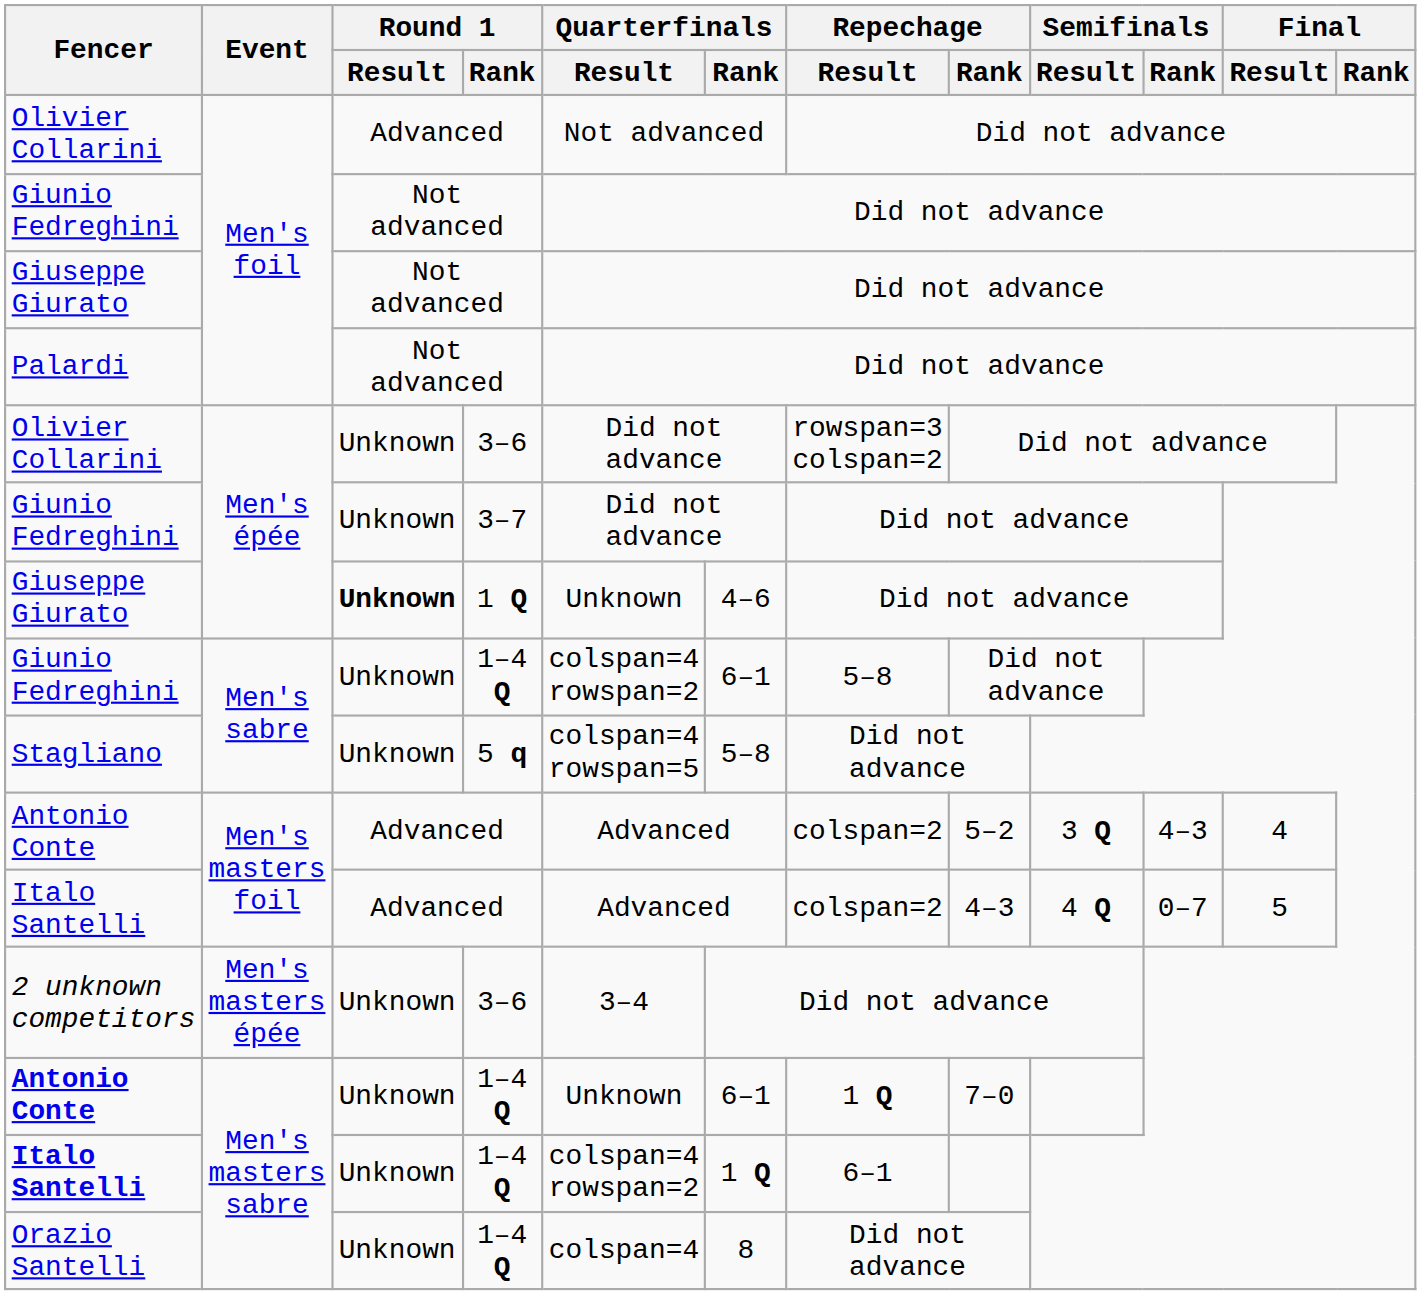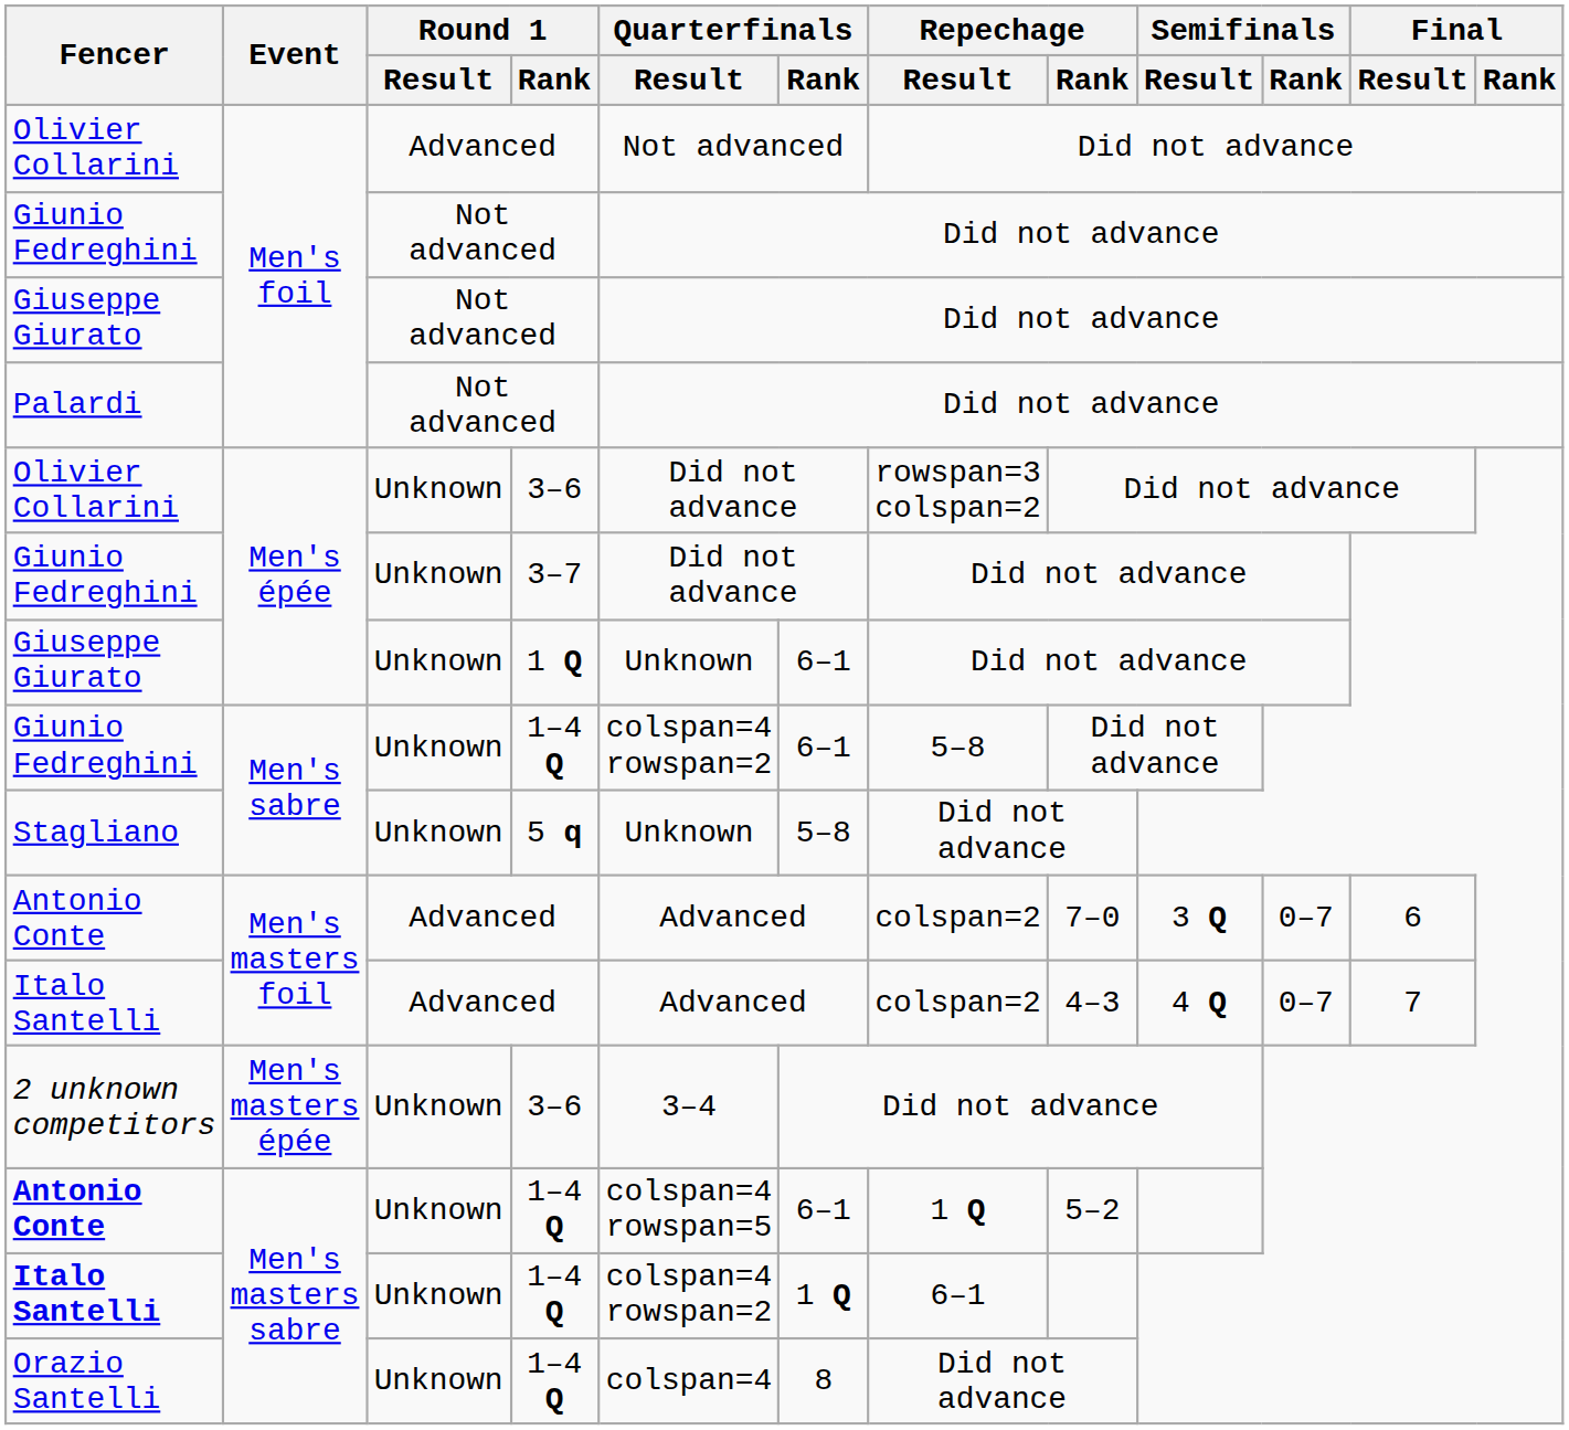 <table class=wikitable>
 <tr>
 <th rowspan=2>Fencer</th>
 <th rowspan=2>Event</th>
 <th colspan=2>Round 1</th>
 <th colspan=2>Quarterfinals</th>
 <th colspan=2>Repechage</th>
 <th colspan=2>Semifinals</th>
 <th colspan=2>Final</th>
 </tr>
 <tr>
 <th>Result</th>
 <th>Rank</th>
 <th>Result</th>
 <th>Rank</th>
 <th>Result</th>
 <th>Rank</th>
 <th>Result</th>
 <th>Rank</th>
 <th>Result</th>
 <th>Rank</th>
 </tr>
 <tr align=center>
 <td align=left><a href='#'>Olivier Collarini</a></td>
 <td rowspan=4><a href='#'>Men's foil</a></td>
 <td colspan=2>Advanced</td>
 <td colspan=2>Not advanced</td>
 <td colspan=6>Did not advance</td>
 </tr>
 <tr align=center>
 <td align=left><a href='#'>Giunio Fedreghini</a></td>
 <td colspan=2>Not advanced</td>
 <td colspan=8>Did not advance</td>
 </tr>
 <tr align=center>
 <td align=left><a href='#'>Giuseppe Giurato</a></td>
 <td colspan=2>Not advanced</td>
 <td colspan=8>Did not advance</td>
 </tr>
 <tr align=center>
 <td align=left><a href='#'>Palardi</a></td>
 <td colspan=2>Not advanced</td>
 <td colspan=8>Did not advance</td>
 </tr>
 <tr align=center>
 <td align=left><a href='#'>Olivier Collarini</a></td>
 <td rowspan=3><a href='#'>Men's épée</a></td>
 <td>Unknown</td>
 <td>3–6</td>
 <td colspan=2>Did not advance</td>
 <td>rowspan=3 colspan=2 </td>
 <td colspan=4>Did not advance</td>
 </tr>
 <tr align=center>
 <td align=left><a href='#'>Giunio Fedreghini</a></td>
 <td>Unknown</td>
 <td>3–7</td>
 <td colspan=2>Did not advance</td>
 <td colspan=4>Did not advance</td>
 </tr>
 <tr align=center>
 <td align=left><a href='#'>Giuseppe Giurato</a></td>
-<td><strong>Unknown</strong></td>
+<td>Unknown</td>
 <td>1 <strong>Q</strong></td>
 <td>Unknown</td>
-<td>4–6</td>
+<td>6–1</td>
 <td colspan=4>Did not advance</td>
 </tr>
 <tr align=center>
 <td align=left><a href='#'>Giunio Fedreghini</a></td>
 <td rowspan=2><a href='#'>Men's sabre</a></td>
 <td>Unknown</td>
 <td>1–4 <strong>Q</strong></td>
 <td>colspan=4 rowspan=2 </td>
 <td>6–1</td>
 <td>5–8</td>
 <td colspan=2>Did not advance</td>
 </tr>
 <tr align=center>
 <td align=left><a href='#'>Stagliano</a></td>
 <td>Unknown</td>
 <td>5 <strong>q</strong></td>
-<td>colspan=4 rowspan=5 </td>
+<td>Unknown</td>
 <td>5–8</td>
 <td colspan=2>Did not advance</td>
 </tr>
 <tr align=center>
 <td align=left><a href='#'>Antonio Conte</a></td>
 <td rowspan=2><a href='#'>Men's masters foil</a></td>
 <td colspan=2>Advanced</td>
 <td colspan=2>Advanced</td>
 <td>colspan=2 </td>
-<td>5–2</td>
+<td>7–0</td>
 <td>3 <strong>Q</strong></td>
-<td>4–3</td>
-<td>4</td>
+<td>0–7</td>
+<td>6</td>
 </tr>
 <tr align=center>
 <td align=left><a href='#'>Italo Santelli</a></td>
 <td colspan=2>Advanced</td>
 <td colspan=2>Advanced</td>
 <td>colspan=2 </td>
 <td>4–3</td>
 <td>4 <strong>Q</strong></td>
 <td>0–7</td>
-<td>5</td>
+<td>7</td>
 </tr>
 <tr align=center>
 <td align=left><em>2 unknown competitors</em></td>
 <td><a href='#'>Men's masters épée</a></td>
 <td>Unknown</td>
 <td>3–6</td>
 <td>3–4</td>
 <td colspan=4>Did not advance</td>
 </tr>
 <tr align=center>
 <td align=left><strong><a href='#'>Antonio Conte</a></strong></td>
 <td rowspan=3><a href='#'>Men's masters sabre</a></td>
 <td>Unknown</td>
 <td>1–4 <strong>Q</strong></td>
-<td>Unknown</td>
+<td>colspan=4 rowspan=5 </td>
 <td>6–1</td>
 <td>1 <strong>Q</strong></td>
-<td>7–0</td>
+<td>5–2</td>
 <td></td>
 </tr>
 <tr align=center>
 <td align=left><strong><a href='#'>Italo Santelli</a></strong></td>
 <td>Unknown</td>
 <td>1–4 <strong>Q</strong></td>
 <td>colspan=4 rowspan=2 </td>
 <td>1 <strong>Q</strong></td>
 <td>6–1</td>
 <td></td>
 </tr>
 <tr align=center>
 <td align=left><a href='#'>Orazio Santelli</a></td>
 <td>Unknown</td>
 <td>1–4 <strong>Q</strong></td>
 <td>colspan=4 </td>
 <td>8</td>
 <td colspan=2>Did not advance</td>
 </tr>
 </table>
